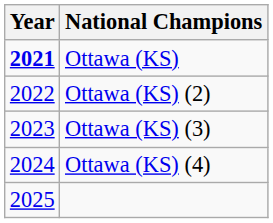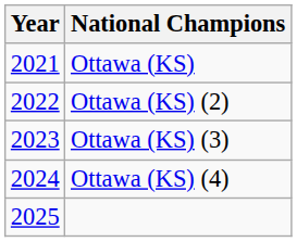 <table class="wikitable">
 <tr>
 <th>Year</th>
 <th>National Champions</th>
 </tr>
 <tr>
-<td><strong><a href='#'>2021</a></strong></td>
+<td><a href='#'>2021</a></td>
 <td><a href='#'>Ottawa (KS)</a></td>
 </tr>
 <tr>
 <td><a href='#'>2022</a></td>
 <td><a href='#'>Ottawa (KS)</a> (2)</td>
 </tr>
 <tr>
 <td><a href='#'>2023</a></td>
 <td><a href='#'>Ottawa (KS)</a> (3)</td>
 </tr>
 <tr>
 <td><a href='#'>2024</a></td>
 <td><a href='#'>Ottawa (KS)</a> (4)</td>
 </tr>
 <tr>
 <td><a href='#'>2025</a></td>
 <td></td>
 </tr>
 </table>
